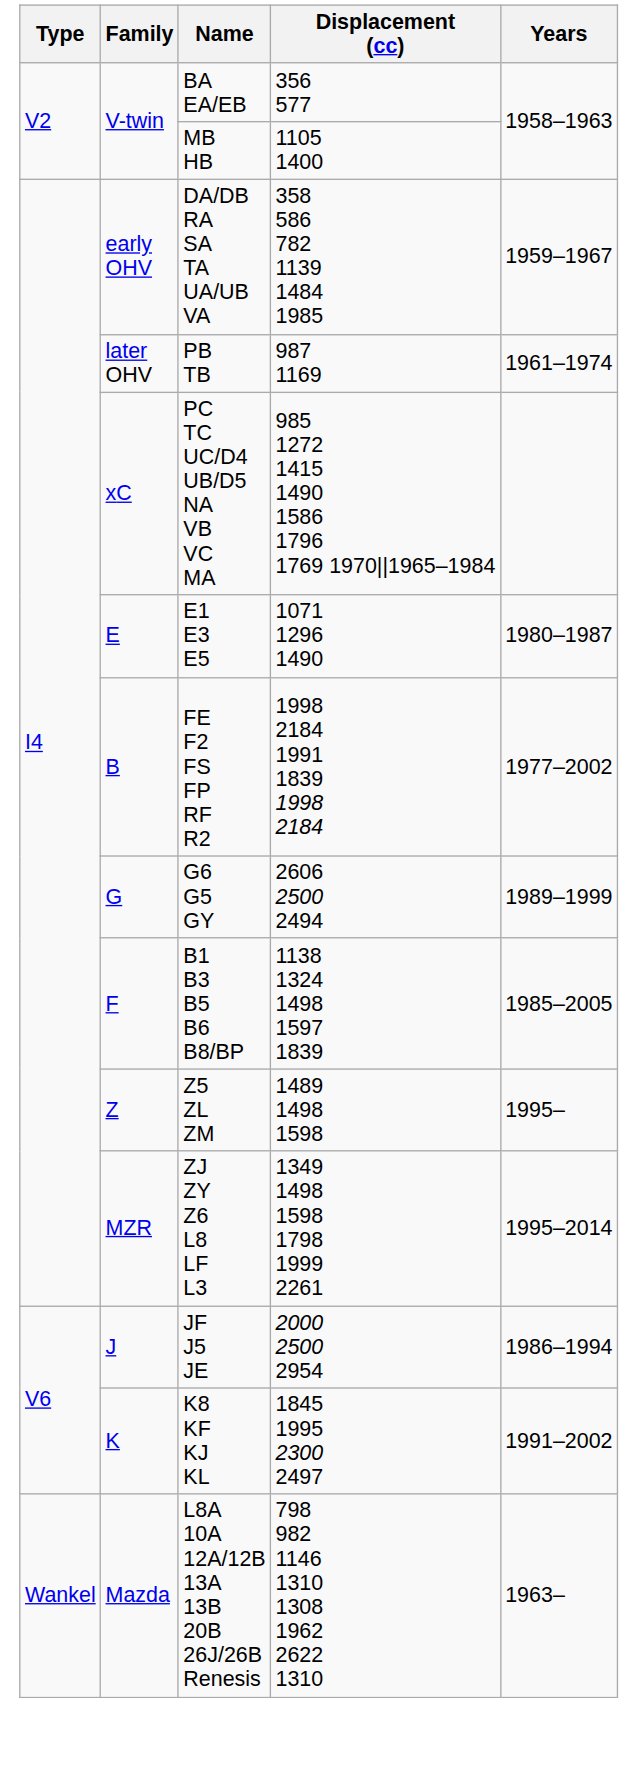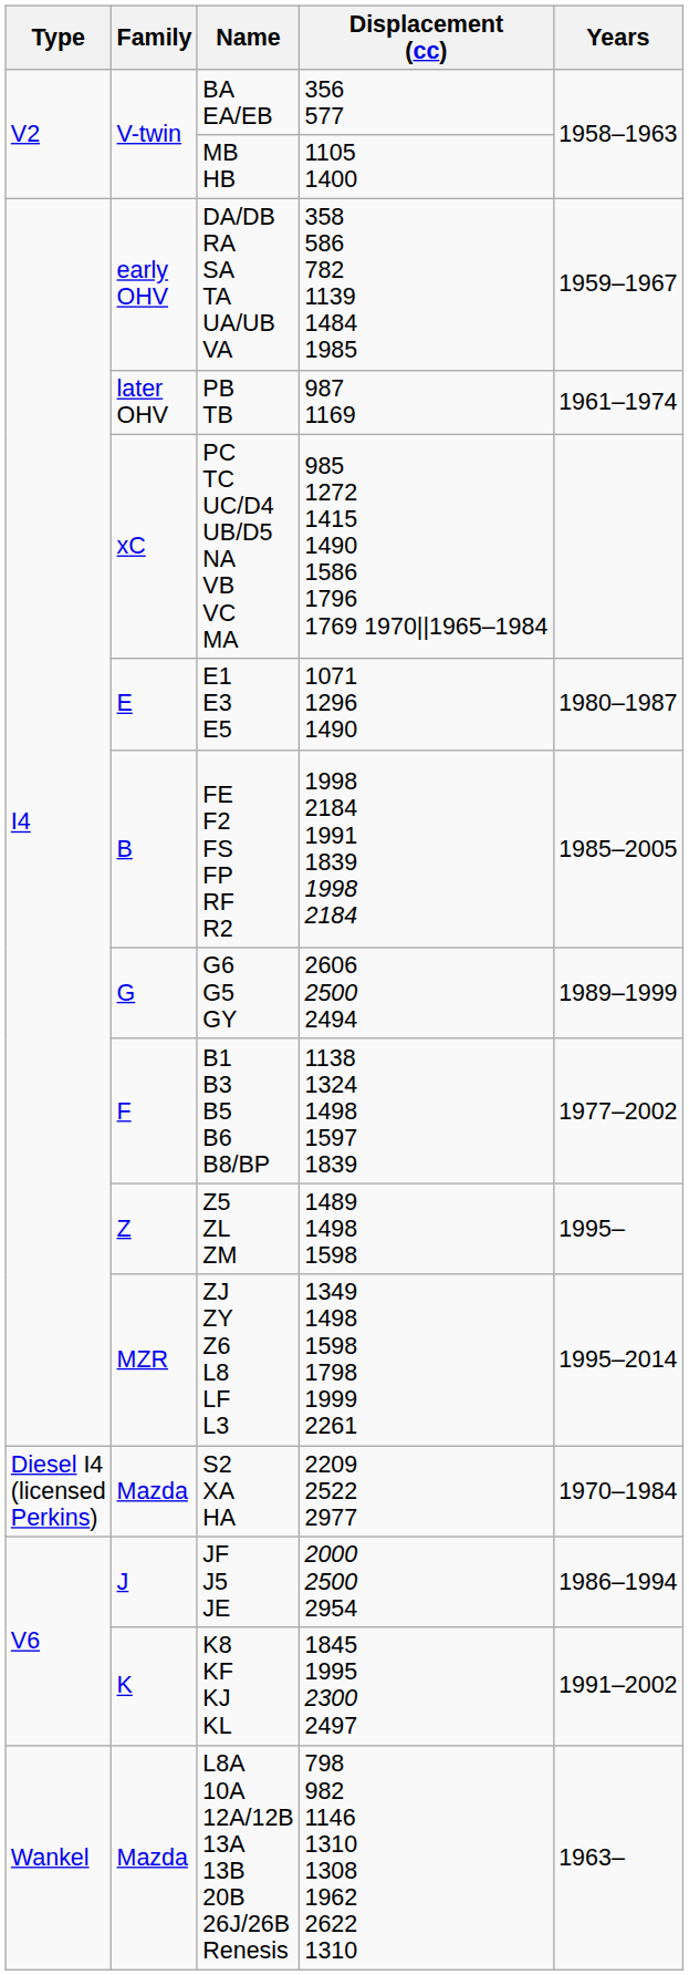 <table class="sortable wikitable" align="right">
 <tr>
 <th>Type</th>
 <th>Family</th>
 <th>Name</th>
 <th>Displacement<br>(<a href='#'>cc</a>)</th>
 <th>Years</th>
 </tr>
 <tr>
 <td rowspan=2><a href='#'>V2</a></td>
 <td rowspan=2><a href='#'>V-twin</a></td>
 <td>BA<br>EA/EB</td>
 <td>356<br>577</td>
 <td rowspan=2>1958–1963</td>
 </tr>
 <tr>
 <td>MB<br>HB</td>
 <td>1105<br>1400</td>
 </tr>
 <tr>
 <td rowspan=9><a href='#'>I4</a></td>
 <td><a href='#'>early</a><br><a href='#'>OHV</a></td>
 <td>DA/DB<br>RA<br>SA<br>TA<br>UA/UB<br>VA</td>
 <td>358<br>586<br>782<br>1139<br>1484<br>1985</td>
 <td>1959–1967</td>
 </tr>
 <tr>
 <td><a href='#'>later</a><br>OHV</td>
 <td>PB<br>TB</td>
 <td>987<br>1169</td>
 <td>1961–1974</td>
 </tr>
 <tr>
 <td><a href='#'><span>x</span>C</a></td>
 <td>PC<br>TC<br>UC/D4<br>UB/D5<br>NA<br>VB<br>VC<br>MA</td>
 <td>985<br>1272<br>1415<br>1490<br>1586<br>1796<br>1769 1970||1965–1984</td>
 </tr>
 <tr>
 <td><a href='#'>E</a></td>
 <td>E1<br>E3<br>E5</td>
 <td>1071<br>1296<br>1490</td>
 <td>1980–1987</td>
 </tr>
 <tr>
 <td><a href='#'>B</a></td>
 <td><br>FE<br>F2<br>FS<br>FP<br>RF<br>R2<br></td>
 <td>1998<br>2184<br>1991<br>1839<br><em>1998</em><br><em>2184</em></td>
-<td>1977–2002</td>
+<td>1985–2005</td>
 </tr>
 <tr>
 <td><a href='#'>G</a></td>
 <td>G6<br>G5<br>GY</td>
 <td>2606<br><em>2500</em><br>2494</td>
 <td>1989–1999</td>
 </tr>
 <tr>
 <td><a href='#'>F</a></td>
 <td>B1<br>B3<br>B5<br>B6<br>B8/BP</td>
 <td>1138<br>1324<br>1498<br>1597<br>1839</td>
-<td>1985–2005</td>
+<td>1977–2002</td>
 </tr>
 <tr>
 <td><a href='#'>Z</a></td>
 <td>Z5<br>ZL<br>ZM</td>
 <td>1489<br>1498<br>1598</td>
 <td>1995–</td>
 </tr>
 <tr>
 <td><a href='#'>MZR</a></td>
 <td>ZJ<br>ZY<br>Z6<br>L8<br>LF<br>L3</td>
 <td>1349<br>1498<br>1598<br>1798<br>1999<br>2261</td>
 <td>1995–2014</td>
+</tr>
+<tr>
+<td><a href='#'>Diesel</a> I4<br>(licensed<br><a href='#'>Perkins</a>)</td>
+<td><a href='#'>Mazda</a></td>
+<td>S2<br> XA<br>HA</td>
+<td>2209<br>2522<br>2977</td>
+<td>1970–1984</td>
 </tr>
 <tr>
 <td rowspan=2><a href='#'>V6</a></td>
 <td><a href='#'>J</a></td>
 <td>JF<br>J5<br>JE</td>
 <td><em>2000</em><br><em>2500</em><br>2954</td>
 <td>1986–1994</td>
 </tr>
 <tr>
 <td><a href='#'>K</a></td>
 <td>K8<br>KF<br>KJ<br>KL</td>
 <td>1845<br>1995<br><em>2300</em><br>2497</td>
 <td>1991–2002</td>
 </tr>
 <tr>
 <td><a href='#'>Wankel</a></td>
 <td><a href='#'>Mazda</a></td>
 <td>L8A<br>10A<br>12A/12B<br>13A<br>13B<br>20B<br>26J/26B<br>Renesis</td>
 <td>798<br>982<br>1146<br>1310<br>1308<br>1962<br>2622<br>1310</td>
 <td>1963–</td>
 </tr>
 </table>
